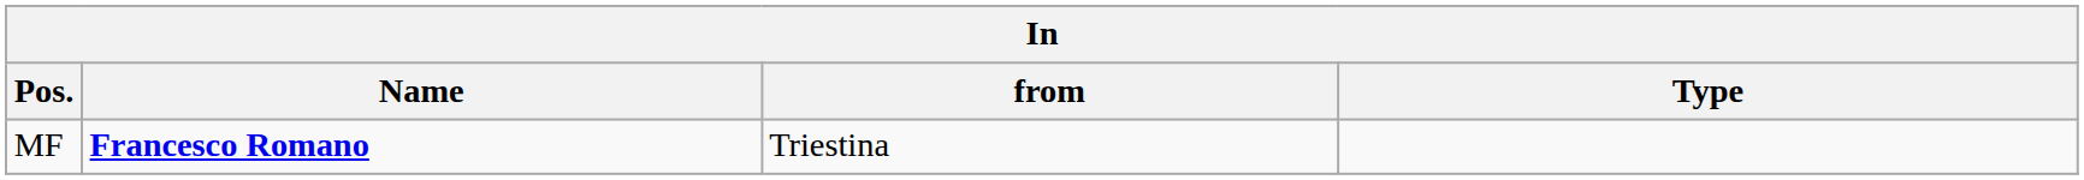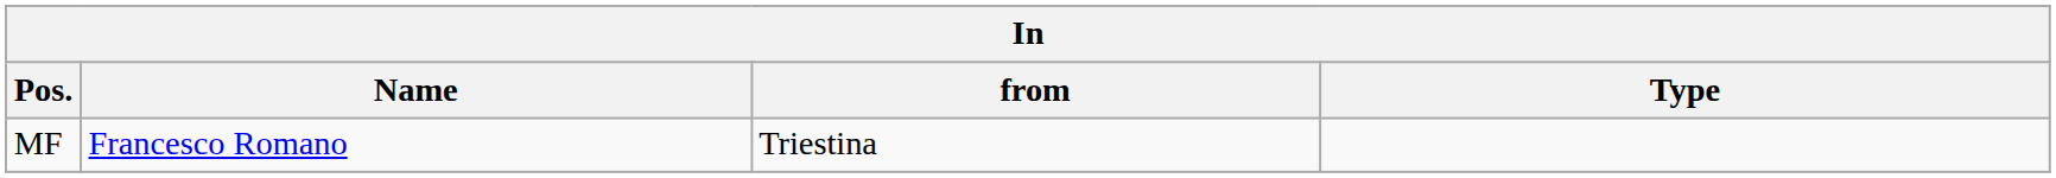 <table class="wikitable" style="font-size:90%;width:99%;">
 <tr>
 <th colspan="4">In</th>
 </tr>
 <tr>
 <th width=3%>Pos.</th>
 <th width=33%>Name</th>
 <th width=28%>from</th>
 <th width=36%>Type</th>
 </tr>
 <tr>
 <td>MF</td>
-<td><strong><a href='#'>Francesco Romano</a></strong></td>
+<td><a href='#'>Francesco Romano</a></td>
 <td>Triestina</td>
 <td></td>
 </tr>
 </table>
